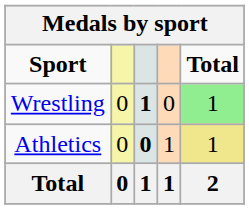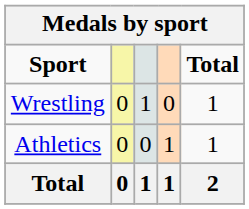 <table class="wikitable" border="1" style="font-size:85%; float:right">
 <tr bgcolor=#efefef>
 <th colspan=7><strong>Medals by sport</strong></th>
 </tr>
 <tr align=center>
 <td><strong>Sport</strong></td>
 <td bgcolor=#f7f6a8></td>
 <td bgcolor=#dce5e5></td>
 <td bgcolor=#ffdab9></td>
 <td><strong>Total</strong></td>
 </tr>
 <tr align=center>
 <td><a href='#'>Wrestling</a></td>
 <td bgcolor=#f7f6a8>0</td>
-<td bgcolor=#dce5e5><strong>1</strong></td>
+<td bgcolor=#dce5e5>1</td>
 <td bgcolor=#ffdab9>0</td>
-<td style="background: lightgreen;">1</td>
+<td>1</td>
 </tr>
 <tr align=center>
 <td><a href='#'>Athletics</a></td>
 <td bgcolor=#f7f6a8>0</td>
-<td bgcolor=#dce5e5><strong>0</strong></td>
+<td bgcolor=#dce5e5>0</td>
 <td bgcolor=#ffdab9>1</td>
-<td style="background: khaki;">1</td>
+<td>1</td>
 </tr>
 <tr align=center>
 <th><strong>Total</strong></th>
 <th bgcolor=gold><strong>0</strong></th>
 <th bgcolor=silver><strong>1</strong></th>
 <th bgcolor=#c96><strong>1</strong></th>
 <th><strong>2</strong></th>
 </tr>
 </table>
